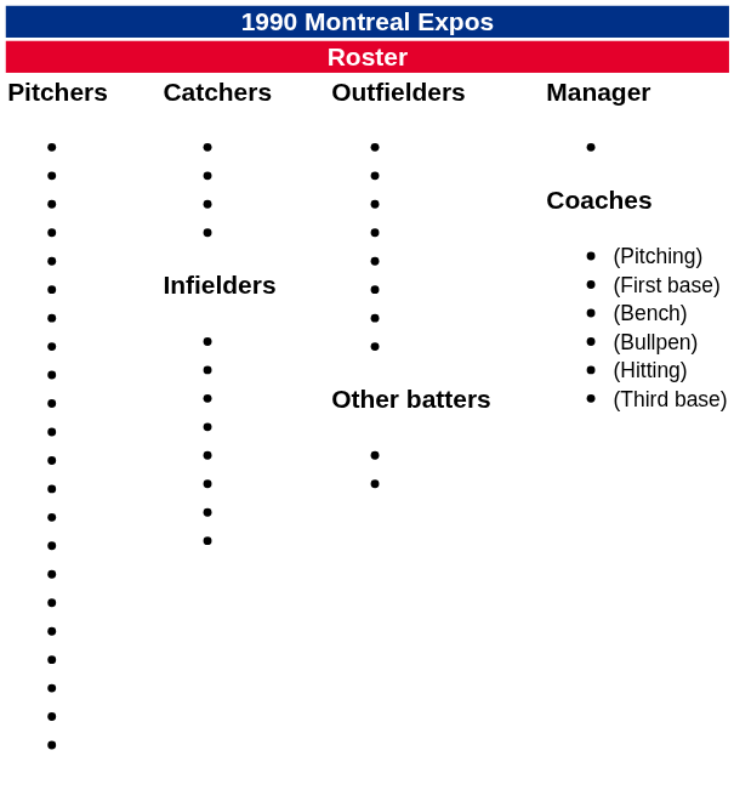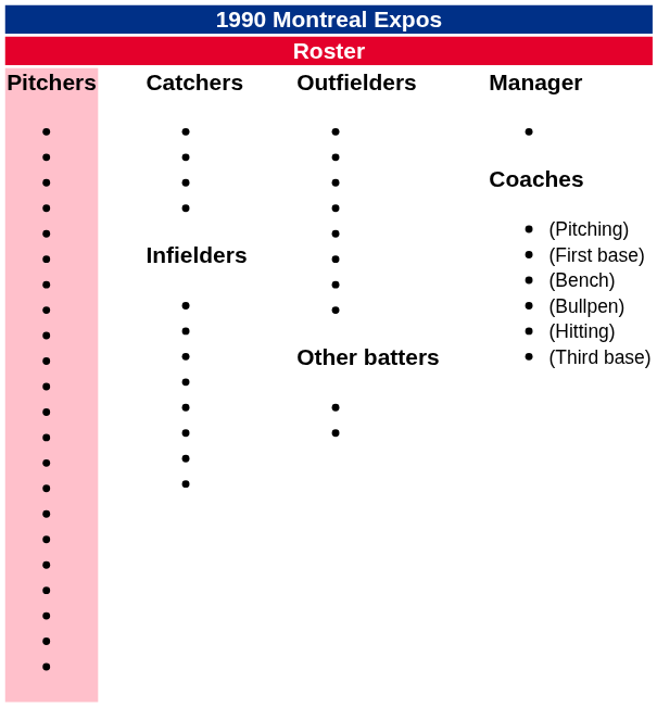 <table class="toccolours" style="font-size: 95%;">
 <tr>
 <th colspan="10" style="background-color: #003087; color: #FFFFFF; text-align: center;">1990 Montreal Expos</th>
 </tr>
 <tr>
 <td colspan="10" style="background-color: #E4002B; color: #FFFFFF; text-align: center;"><strong>Roster</strong></td>
 </tr>
 <tr>
-<td valign="top"><strong>Pitchers</strong><br><ul><li></li><li></li><li></li><li></li><li></li><li></li><li></li><li></li><li></li><li></li><li></li><li></li><li></li><li></li><li></li><li></li><li></li><li></li><li></li><li></li><li></li><li></li></ul></td>
+<td valign="top" style="background: pink;"><strong>Pitchers</strong><br><ul><li></li><li></li><li></li><li></li><li></li><li></li><li></li><li></li><li></li><li></li><li></li><li></li><li></li><li></li><li></li><li></li><li></li><li></li><li></li><li></li><li></li><li></li></ul></td>
 <td width="25px"></td>
 <td valign="top"><strong>Catchers</strong><br><ul><li></li><li></li><li></li><li></li></ul><strong>Infielders</strong><ul><li></li><li></li><li></li><li></li><li></li><li></li><li></li><li></li></ul></td>
 <td width="25px"></td>
 <td valign="top"><strong>Outfielders</strong><br><ul><li></li><li></li><li></li><li></li><li></li><li></li><li></li><li></li></ul><strong>Other batters</strong><ul><li></li><li></li></ul></td>
 <td width="25px"></td>
 <td valign="top"><strong>Manager</strong><br><ul><li></li></ul><strong>Coaches</strong><ul><li> <small>(Pitching)</small></li><li> <small>(First base)</small></li><li> <small>(Bench)</small></li><li> <small>(Bullpen)</small></li><li> <small>(Hitting)</small></li><li> <small>(Third base)</small></li></ul></td>
 </tr>
 <tr>
 </tr>
 </table>
